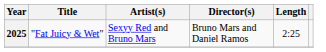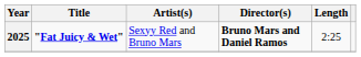 <table class="wikitable plainrowheaders">
 <tr>
 <th scope="col">Year</th>
 <th scope="col">Title</th>
 <th scope="col" style="width:8em">Artist(s)</th>
 <th scope="col" style="width:8em">Director(s)</th>
 <th scope="col">Length</th>
 <th scope="col" class="unsortable"></th>
 </tr>
 <tr>
 <th scope="row">2025</th>
-<td>"<a href='#'>Fat Juicy & Wet</a>"</td>
+<td><strong>"<a href='#'>Fat Juicy & Wet</a>"</strong></td>
 <td><a href='#'>Sexyy Red</a> and <a href='#'>Bruno Mars</a></td>
-<td>Bruno Mars and Daniel Ramos</td>
+<td><strong>Bruno Mars and Daniel Ramos</strong></td>
 <td style="text-align:center">2:25</td>
 <td style="text-align:center"></td>
 </tr>
 <tr>
 </tr>
 </table>
